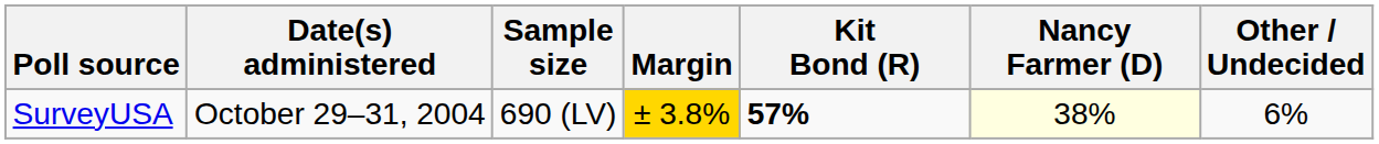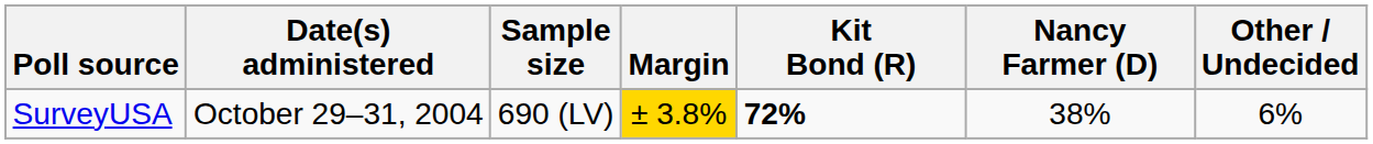 <table class="wikitable" style="font-size:90%">
 <tr valign=bottom>
 <th>Poll source</th>
 <th>Date(s)<br>administered</th>
 <th>Sample<br>size</th>
 <th>Margin<br></th>
 <th style="width:100px;">Kit<br>Bond (R)</th>
 <th style="width:100px;">Nancy<br>Farmer (D)</th>
 <th>Other /<br>Undecided</th>
 </tr>
 <tr>
 <td><a href='#'>SurveyUSA</a></td>
 <td align=center>October 29–31, 2004</td>
 <td align=center>690 (LV)</td>
 <td align=center style="background: gold;">± 3.8%</td>
-<td><strong>57%</strong></td>
-<td align=center style="background: lightyellow;">38%</td>
+<td><strong>72%</strong></td>
+<td align=center>38%</td>
 <td align=center>6%</td>
 </tr>
 </table>
